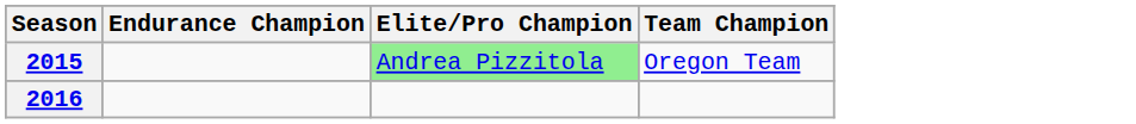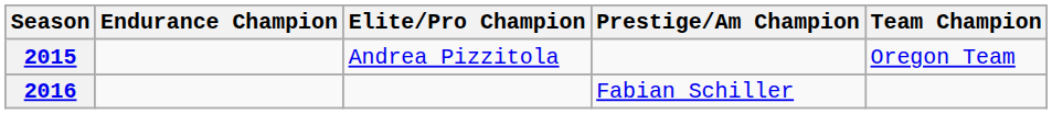 <table class="wikitable" style="font-size: 85%;">
 <tr>
 <th>Season</th>
 <th>Endurance Champion</th>
 <th>Elite/Pro Champion</th>
+<th>Prestige/Am Champion</th>
 <th>Team Champion</th>
 </tr>
 <tr>
 <th><a href='#'>2015</a></th>
 <td></td>
-<td style="background: lightgreen;"> <a href='#'>Andrea Pizzitola</a></td>
+<td> <a href='#'>Andrea Pizzitola</a></td>
+<td></td>
 <td> <a href='#'>Oregon Team</a></td>
 </tr>
 <tr>
 <th><a href='#'>2016</a></th>
 <td></td>
 <td></td>
+<td> <a href='#'>Fabian Schiller</a></td>
 <td></td>
 </tr>
 </table>
